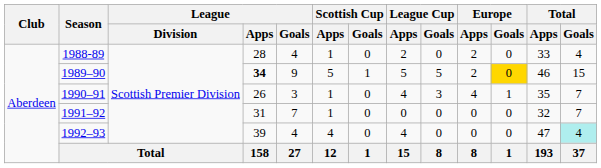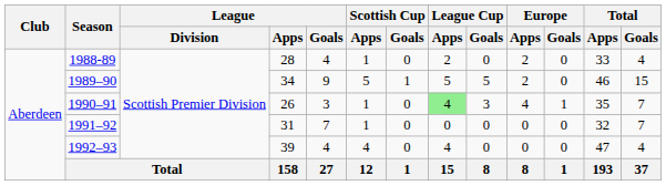 <table class="wikitable" style="text-align:center">
 <tr>
 <th rowspan="2">Club</th>
 <th rowspan="2">Season</th>
 <th colspan="3">League</th>
 <th colspan="2">Scottish Cup</th>
 <th colspan="2">League Cup</th>
 <th colspan="2">Europe</th>
 <th colspan="2">Total</th>
 </tr>
 <tr>
 <th>Division</th>
 <th>Apps</th>
 <th>Goals</th>
 <th>Apps</th>
 <th>Goals</th>
 <th>Apps</th>
 <th>Goals</th>
 <th>Apps</th>
 <th>Goals</th>
 <th>Apps</th>
 <th>Goals</th>
 </tr>
 <tr>
 <td rowspan="6"><a href='#'>Aberdeen</a></td>
 <td><a href='#'>1988-89</a></td>
 <td rowspan="5"><a href='#'>Scottish Premier Division</a></td>
 <td>28</td>
 <td>4</td>
 <td>1</td>
 <td>0</td>
 <td>2</td>
 <td>0</td>
 <td>2</td>
 <td>0</td>
 <td>33</td>
 <td>4</td>
 </tr>
 <tr>
 <td><a href='#'>1989–90</a></td>
-<td><strong>34</strong></td>
+<td>34</td>
 <td>9</td>
 <td>5</td>
 <td>1</td>
 <td>5</td>
 <td>5</td>
 <td>2</td>
-<td style="background: gold;">0</td>
+<td>0</td>
 <td>46</td>
 <td>15</td>
 </tr>
 <tr>
 <td><a href='#'>1990–91</a></td>
 <td>26</td>
 <td>3</td>
 <td>1</td>
 <td>0</td>
-<td>4</td>
+<td style="background: lightgreen;">4</td>
 <td>3</td>
 <td>4</td>
 <td>1</td>
 <td>35</td>
 <td>7</td>
 </tr>
 <tr>
 <td><a href='#'>1991–92</a></td>
 <td>31</td>
 <td>7</td>
 <td>1</td>
 <td>0</td>
 <td>0</td>
 <td>0</td>
 <td>0</td>
 <td>0</td>
 <td>32</td>
 <td>7</td>
 </tr>
 <tr>
 <td><a href='#'>1992–93</a></td>
 <td>39</td>
 <td>4</td>
 <td>4</td>
 <td>0</td>
 <td>4</td>
 <td>0</td>
 <td>0</td>
 <td>0</td>
 <td>47</td>
-<td style="background: paleturquoise;">4</td>
+<td>4</td>
 </tr>
 <tr>
 <th colspan="2">Total</th>
 <th>158</th>
 <th>27</th>
 <th>12</th>
 <th>1</th>
 <th>15</th>
 <th>8</th>
 <th>8</th>
 <th>1</th>
 <th>193</th>
 <th>37</th>
 </tr>
 </table>
